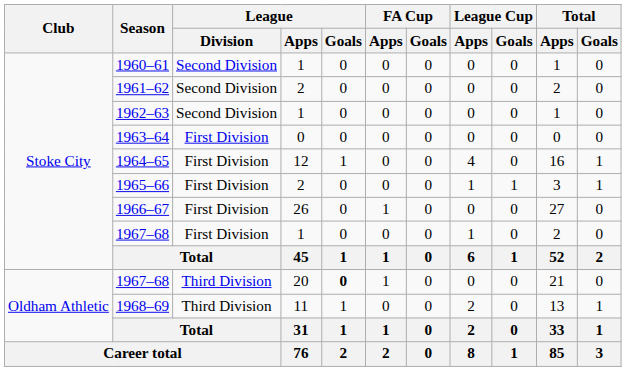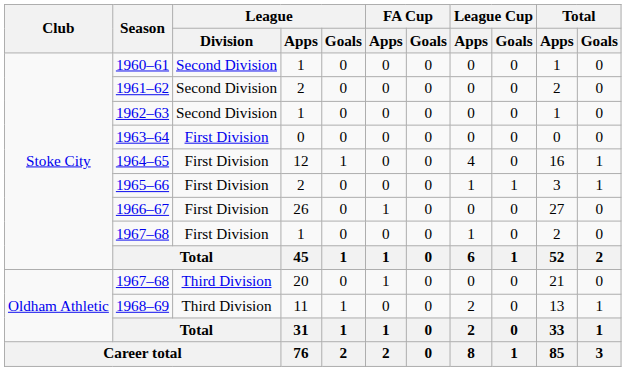 <table class="wikitable" style="text-align: center;">
 <tr>
 <th rowspan="2">Club</th>
 <th rowspan="2">Season</th>
 <th colspan="3">League</th>
 <th colspan="2">FA Cup</th>
 <th colspan="2">League Cup</th>
 <th colspan="2">Total</th>
 </tr>
 <tr>
 <th>Division</th>
 <th>Apps</th>
 <th>Goals</th>
 <th>Apps</th>
 <th>Goals</th>
 <th>Apps</th>
 <th>Goals</th>
 <th>Apps</th>
 <th>Goals</th>
 </tr>
 <tr>
 <td rowspan="9"><a href='#'>Stoke City</a></td>
 <td><a href='#'>1960–61</a></td>
 <td><a href='#'>Second Division</a></td>
 <td>1</td>
 <td>0</td>
 <td>0</td>
 <td>0</td>
 <td>0</td>
 <td>0</td>
 <td>1</td>
 <td>0</td>
 </tr>
 <tr>
 <td><a href='#'>1961–62</a></td>
 <td>Second Division</td>
 <td>2</td>
 <td>0</td>
 <td>0</td>
 <td>0</td>
 <td>0</td>
 <td>0</td>
 <td>2</td>
 <td>0</td>
 </tr>
 <tr>
 <td><a href='#'>1962–63</a></td>
 <td>Second Division</td>
 <td>1</td>
 <td>0</td>
 <td>0</td>
 <td>0</td>
 <td>0</td>
 <td>0</td>
 <td>1</td>
 <td>0</td>
 </tr>
 <tr>
 <td><a href='#'>1963–64</a></td>
 <td><a href='#'>First Division</a></td>
 <td>0</td>
 <td>0</td>
 <td>0</td>
 <td>0</td>
 <td>0</td>
 <td>0</td>
 <td>0</td>
 <td>0</td>
 </tr>
 <tr>
 <td><a href='#'>1964–65</a></td>
 <td>First Division</td>
 <td>12</td>
 <td>1</td>
 <td>0</td>
 <td>0</td>
 <td>4</td>
 <td>0</td>
 <td>16</td>
 <td>1</td>
 </tr>
 <tr>
 <td><a href='#'>1965–66</a></td>
 <td>First Division</td>
 <td>2</td>
 <td>0</td>
 <td>0</td>
 <td>0</td>
 <td>1</td>
 <td>1</td>
 <td>3</td>
 <td>1</td>
 </tr>
 <tr>
 <td><a href='#'>1966–67</a></td>
 <td>First Division</td>
 <td>26</td>
 <td>0</td>
 <td>1</td>
 <td>0</td>
 <td>0</td>
 <td>0</td>
 <td>27</td>
 <td>0</td>
 </tr>
 <tr>
 <td><a href='#'>1967–68</a></td>
 <td>First Division</td>
 <td>1</td>
 <td>0</td>
 <td>0</td>
 <td>0</td>
 <td>1</td>
 <td>0</td>
 <td>2</td>
 <td>0</td>
 </tr>
 <tr>
 <th colspan="2">Total</th>
 <th>45</th>
 <th>1</th>
 <th>1</th>
 <th>0</th>
 <th>6</th>
 <th>1</th>
 <th>52</th>
 <th>2</th>
 </tr>
 <tr>
 <td rowspan="3"><a href='#'>Oldham Athletic</a></td>
 <td><a href='#'>1967–68</a></td>
 <td><a href='#'>Third Division</a></td>
 <td>20</td>
-<td><strong>0</strong></td>
+<td>0</td>
 <td>1</td>
 <td>0</td>
 <td>0</td>
 <td>0</td>
 <td>21</td>
 <td>0</td>
 </tr>
 <tr>
 <td><a href='#'>1968–69</a></td>
 <td>Third Division</td>
 <td>11</td>
 <td>1</td>
 <td>0</td>
 <td>0</td>
 <td>2</td>
 <td>0</td>
 <td>13</td>
 <td>1</td>
 </tr>
 <tr>
 <th colspan="2">Total</th>
 <th>31</th>
 <th>1</th>
 <th>1</th>
 <th>0</th>
 <th>2</th>
 <th>0</th>
 <th>33</th>
 <th>1</th>
 </tr>
 <tr>
 <th colspan="3">Career total</th>
 <th>76</th>
 <th>2</th>
 <th>2</th>
 <th>0</th>
 <th>8</th>
 <th>1</th>
 <th>85</th>
 <th>3</th>
 </tr>
 </table>
